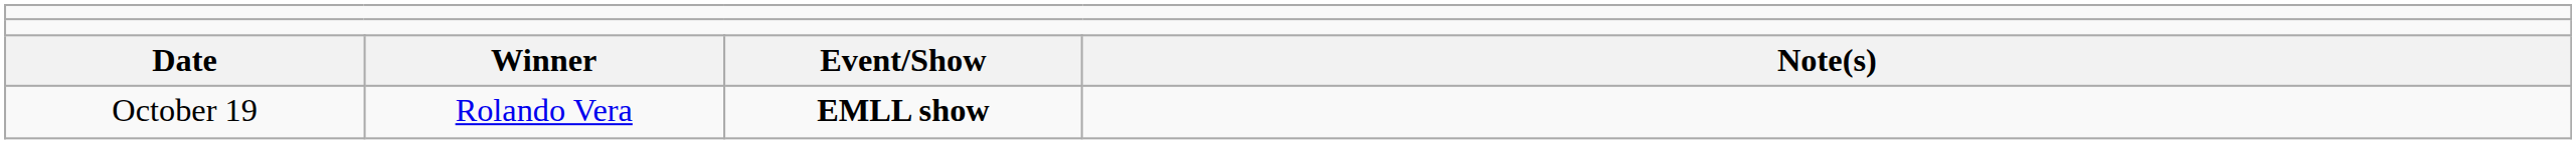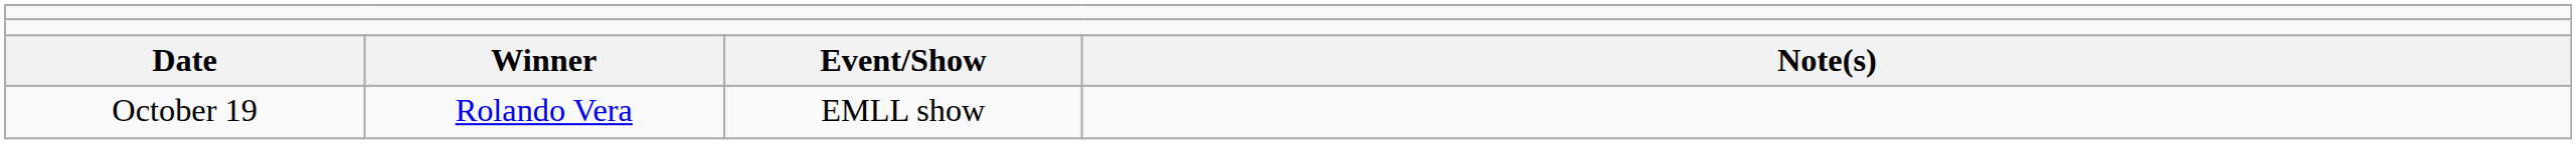 <table class="wikitable" style="text-align:center; width:100%;">
 <tr>
 <td colspan="5"></td>
 </tr>
 <tr>
 <td colspan="5"><strong></strong></td>
 </tr>
 <tr>
 <th width=14%>Date</th>
 <th width=14%>Winner</th>
 <th width=14%>Event/Show</th>
 <th width=58%>Note(s)</th>
 </tr>
 <tr>
 <td>October 19</td>
 <td><a href='#'>Rolando Vera</a></td>
-<td><strong>EMLL show</strong></td>
+<td>EMLL show</td>
 <td align=left></td>
 </tr>
 </table>
